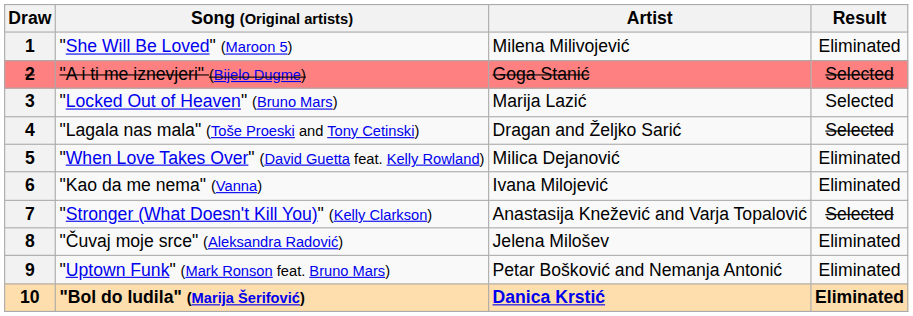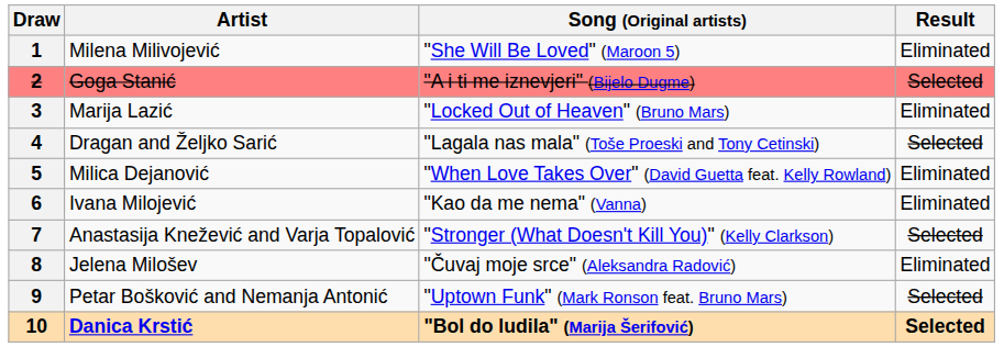 <table class="sortable wikitable plainrowheaders" style="margin: 1em auto 1em auto; text-align:center;">
 <tr>
 <th>Draw</th>
+<th>Artist</th>
 <th>Song <small>(Original artists)</small></th>
-<th>Artist</th>
 <th>Result</th>
 </tr>
 <tr>
 <th scope="row" style="text-align:center">1</th>
+<td align="left">Milena Milivojević</td>
 <td align="left">"<a href='#'>She Will Be Loved</a>" <small>(<a href='#'>Maroon 5</a>)</small></td>
-<td align="left">Milena Milivojević</td>
 <td>Eliminated</td>
 </tr>
 <tr style="background:#fe8080;">
 <th scope="row" style="text-align:center; background:#fe8080;"><s>2</s></th>
+<td align="left"><s>Goga Stanić</s></td>
 <td align="left"><s>"A i ti me iznevjeri" <small>(<a href='#'>Bijelo Dugme</a>)</small></s></td>
-<td align="left"><s>Goga Stanić</s></td>
 <td><s>Selected</s></td>
 </tr>
 <tr>
 <th scope="row" style="text-align:center">3</th>
+<td align="left">Marija Lazić</td>
 <td align="left">"<a href='#'>Locked Out of Heaven</a>" <small>(<a href='#'>Bruno Mars</a>)</small></td>
-<td align="left">Marija Lazić</td>
-<td>Selected</td>
+<td>Eliminated</td>
 </tr>
 <tr>
 <th scope="row" style="text-align:center">4</th>
+<td align="left">Dragan and Željko Sarić</td>
 <td align="left">"Lagala nas mala" <small>(<a href='#'>Toše Proeski</a> and <a href='#'>Tony Cetinski</a>)</small></td>
-<td align="left">Dragan and Željko Sarić</td>
 <td><s>Selected</s></td>
 </tr>
 <tr>
 <th scope="row" style="text-align:center">5</th>
+<td align="left">Milica Dejanović</td>
 <td align="left">"<a href='#'>When Love Takes Over</a>" <small>(<a href='#'>David Guetta</a> feat. <a href='#'>Kelly Rowland</a>)</small></td>
-<td align="left">Milica Dejanović</td>
 <td>Eliminated</td>
 </tr>
 <tr>
 <th scope="row" style="text-align:center">6</th>
+<td align="left">Ivana Milojević</td>
 <td align="left">"Kao da me nema" <small>(<a href='#'>Vanna</a>)</small></td>
-<td align="left">Ivana Milojević</td>
 <td>Eliminated</td>
 </tr>
 <tr>
 <th scope="row" style="text-align:center">7</th>
+<td align="left">Anastasija Knežević and Varja Topalović</td>
 <td align="left">"<a href='#'>Stronger (What Doesn't Kill You)</a>" <small>(<a href='#'>Kelly Clarkson</a>)</small></td>
-<td align="left">Anastasija Knežević and Varja Topalović</td>
 <td><s>Selected</s></td>
 </tr>
 <tr>
 <th scope="row" style="text-align:center">8</th>
+<td align="left">Jelena Milošev</td>
 <td align="left">"Čuvaj moje srce" <small>(<a href='#'>Aleksandra Radović</a>)</small></td>
-<td align="left">Jelena Milošev</td>
 <td>Eliminated</td>
 </tr>
 <tr>
 <th scope="row" style="text-align:center">9</th>
+<td align="left">Petar Bošković and Nemanja Antonić</td>
 <td align="left">"<a href='#'>Uptown Funk</a>" <small>(<a href='#'>Mark Ronson</a> feat. <a href='#'>Bruno Mars</a>)</small></td>
-<td align="left">Petar Bošković and Nemanja Antonić</td>
-<td>Eliminated</td>
+<td><s>Selected</s></td>
 </tr>
 <tr style="font-weight:bold; background:navajowhite;">
 <th scope="row" style="text-align:center; background:navajowhite; font-weight:bold;">10</th>
+<td align="left"><a href='#'>Danica Krstić</a></td>
 <td align="left">"Bol do ludila" <small>(<a href='#'>Marija Šerifović</a>)</small></td>
-<td align="left"><a href='#'>Danica Krstić</a></td>
-<td>Eliminated</td>
+<td>Selected</td>
 </tr>
 </table>
